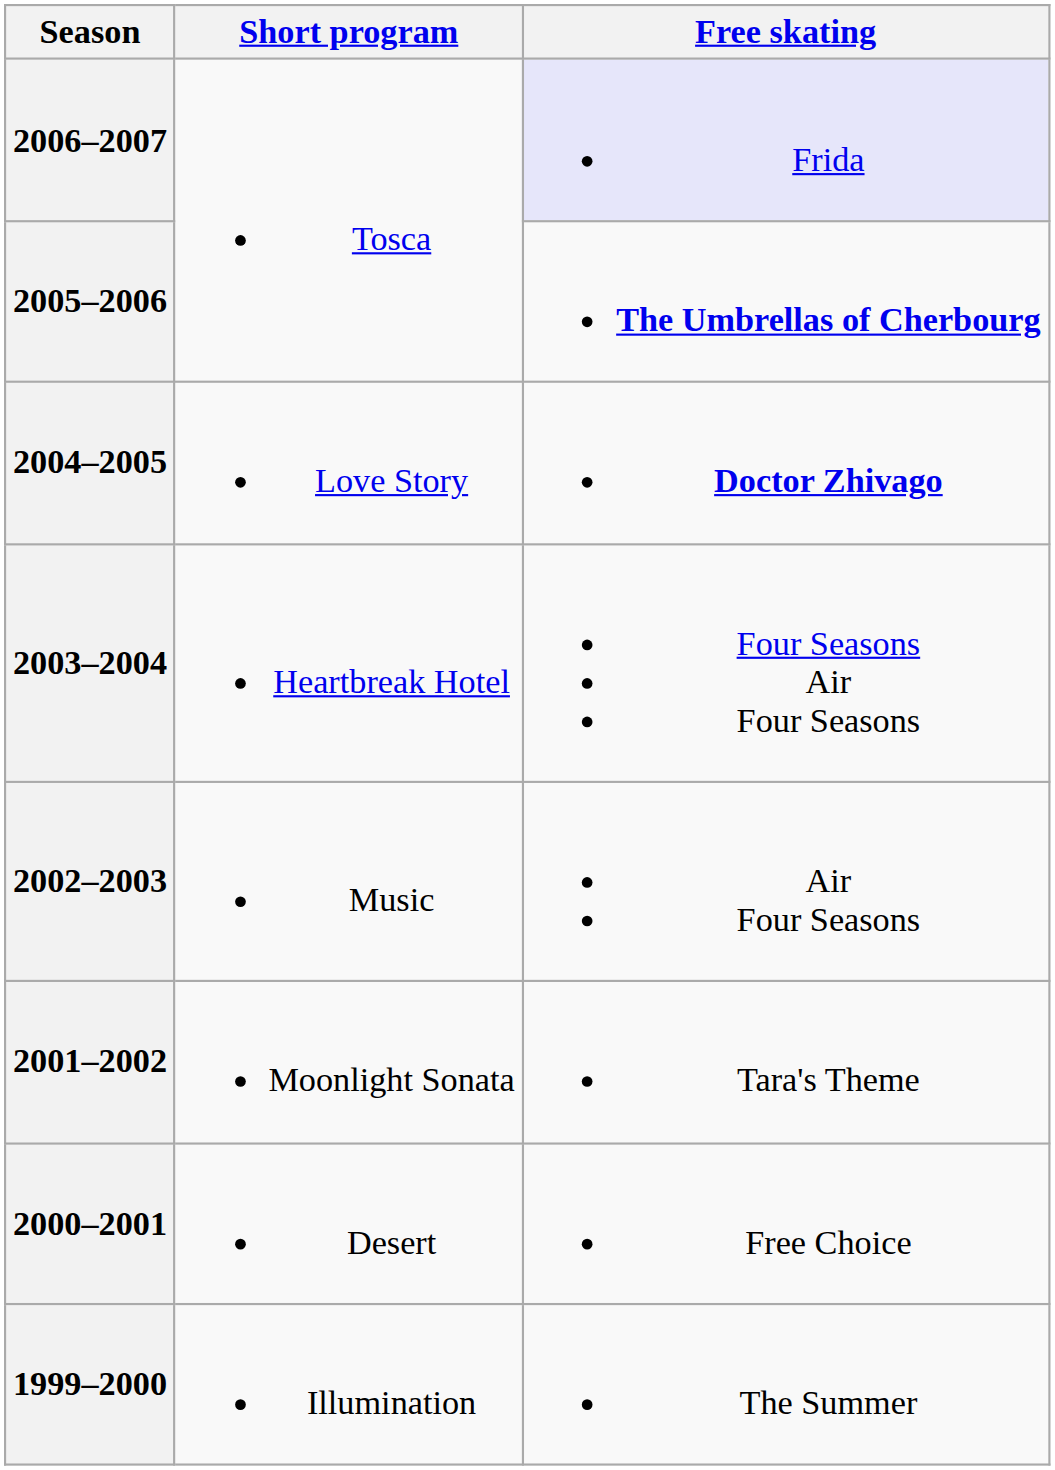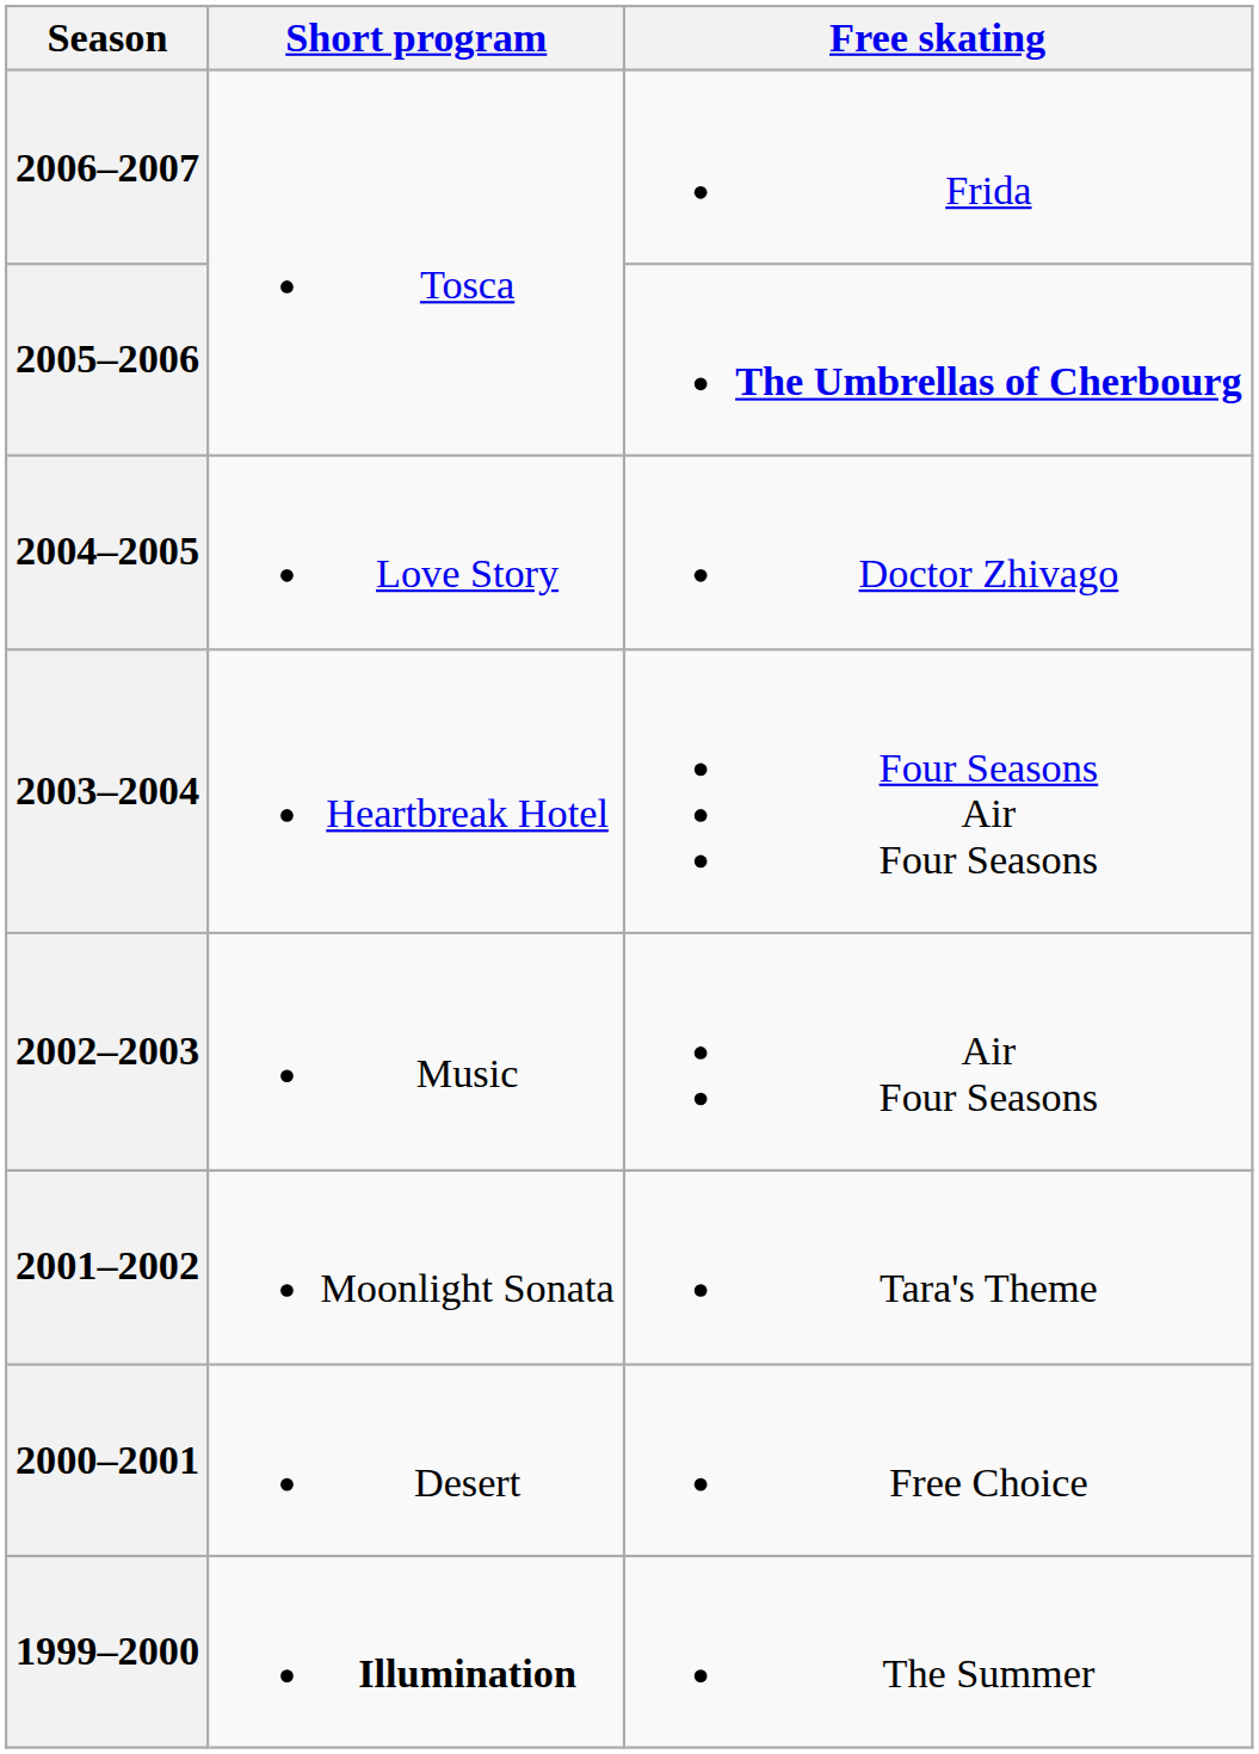 <table class="wikitable" style="text-align:center">
 <tr>
 <th>Season</th>
 <th><a href='#'>Short program</a></th>
 <th><a href='#'>Free skating</a></th>
 </tr>
 <tr>
 <th>2006–2007 <br> </th>
 <td rowspan=2><br><ul><li><a href='#'>Tosca</a> <br></li></ul></td>
-<td style="background: lavender;"><br><ul><li><a href='#'>Frida</a> <br></li></ul></td>
+<td><br><ul><li><a href='#'>Frida</a> <br></li></ul></td>
 </tr>
 <tr>
 <th>2005–2006 <br> </th>
 <td><strong><br><ul><li><a href='#'>The Umbrellas of Cherbourg</a> <br></li></ul></strong></td>
 </tr>
 <tr>
 <th>2004–2005 <br> </th>
 <td><br><ul><li><a href='#'>Love Story</a> <br></li></ul></td>
-<td><strong><br><ul><li><a href='#'>Doctor Zhivago</a> <br></li></ul></strong></td>
+<td><br><ul><li><a href='#'>Doctor Zhivago</a> <br></li></ul></td>
 </tr>
 <tr>
 <th>2003–2004 <br> </th>
 <td><br><ul><li><a href='#'>Heartbreak Hotel</a> <br></li></ul></td>
 <td><br><ul><li><a href='#'>Four Seasons</a> <br></li><li>Air <br></li><li>Four Seasons <br></li></ul></td>
 </tr>
 <tr>
 <th>2002–2003 <br> </th>
 <td><br><ul><li>Music <br></li></ul></td>
 <td><br><ul><li>Air <br></li><li>Four Seasons <br></li></ul></td>
 </tr>
 <tr>
 <th>2001–2002 <br> </th>
 <td><br><ul><li>Moonlight Sonata <br></li></ul></td>
 <td><br><ul><li>Tara's Theme <br></li></ul></td>
 </tr>
 <tr>
 <th>2000–2001 <br> </th>
 <td><br><ul><li>Desert <br></li></ul></td>
 <td><br><ul><li>Free Choice <br></li></ul></td>
 </tr>
 <tr>
 <th>1999–2000 <br> </th>
-<td><br><ul><li>Illumination <br></li></ul></td>
+<td><strong><br><ul><li>Illumination <br></li></ul></strong></td>
 <td><br><ul><li>The Summer <br></li></ul></td>
 </tr>
 </table>
